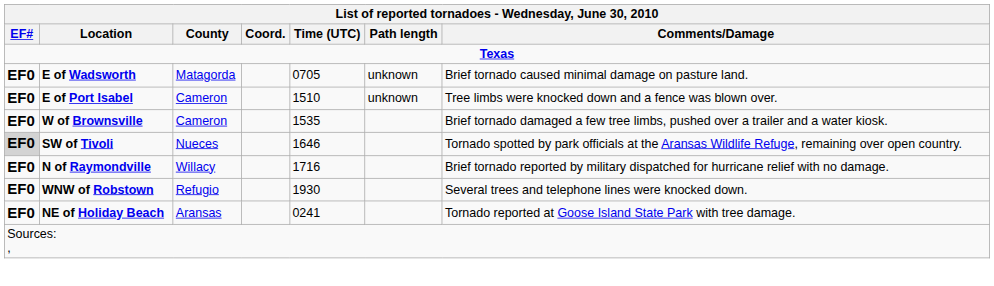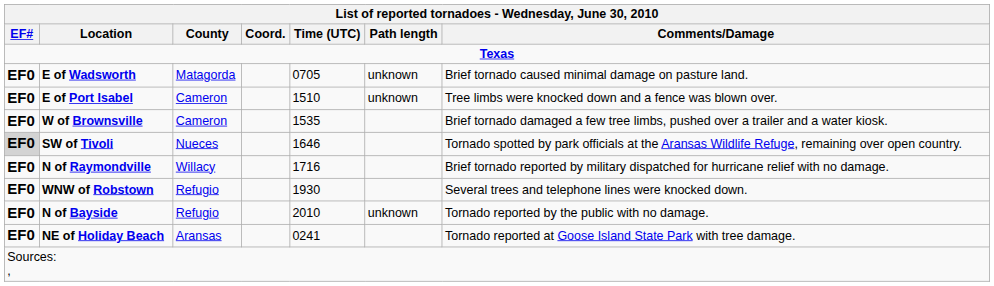 <table class="wikitable collapsible" width="100%">
 <tr>
 <th colspan="7">List of reported tornadoes - Wednesday, June 30, 2010</th>
 </tr>
 <tr>
 <th><a href='#'>EF#</a></th>
 <th>Location</th>
 <th>County</th>
 <th>Coord.</th>
 <th>Time (UTC)</th>
 <th>Path length</th>
 <th>Comments/Damage</th>
 </tr>
 <tr>
 <td colspan="7" align=center><strong><a href='#'>Texas</a></strong></td>
 </tr>
 <tr>
 <td><big><strong>EF0</strong></big></td>
 <td><strong>E of <a href='#'>Wadsworth</a></strong></td>
 <td><a href='#'>Matagorda</a></td>
 <td></td>
 <td>0705</td>
 <td>unknown</td>
 <td>Brief tornado caused minimal damage on pasture land.</td>
 </tr>
 <tr>
 <td><big><strong>EF0</strong></big></td>
 <td><strong>E of <a href='#'>Port Isabel</a></strong></td>
 <td><a href='#'>Cameron</a></td>
 <td></td>
 <td>1510</td>
 <td>unknown</td>
 <td>Tree limbs were knocked down and a fence was blown over.</td>
 </tr>
 <tr>
 <td><big><strong>EF0</strong></big></td>
 <td><strong>W of <a href='#'>Brownsville</a></strong></td>
 <td><a href='#'>Cameron</a></td>
 <td></td>
 <td>1535</td>
 <td></td>
 <td>Brief tornado damaged a few tree limbs, pushed over a trailer and a water kiosk.</td>
 </tr>
 <tr>
 <td style="background: lightgrey;"><big><strong>EF0</strong></big></td>
 <td><strong>SW of <a href='#'>Tivoli</a></strong></td>
 <td><a href='#'>Nueces</a></td>
 <td></td>
 <td>1646</td>
 <td></td>
 <td>Tornado spotted by park officials at the <a href='#'>Aransas Wildlife Refuge</a>, remaining over open country.</td>
 </tr>
 <tr>
 <td><big><strong>EF0</strong></big></td>
 <td><strong>N of <a href='#'>Raymondville</a></strong></td>
 <td><a href='#'>Willacy</a></td>
 <td></td>
 <td>1716</td>
 <td></td>
 <td>Brief tornado reported by military dispatched for hurricane relief with no damage.</td>
 </tr>
 <tr>
 <td><big><strong>EF0</strong></big></td>
 <td><strong>WNW of <a href='#'>Robstown</a></strong></td>
 <td><a href='#'>Refugio</a></td>
 <td></td>
 <td>1930</td>
 <td></td>
 <td>Several trees and telephone lines were knocked down.</td>
 </tr>
 <tr>
 <td><big><strong>EF0</strong></big></td>
+<td><strong>N of <a href='#'>Bayside</a></strong></td>
+<td><a href='#'>Refugio</a></td>
+<td></td>
+<td>2010</td>
+<td>unknown</td>
+<td>Tornado reported by the public with no damage.</td>
+</tr>
+<tr>
+<td><big><strong>EF0</strong></big></td>
 <td><strong>NE of <a href='#'>Holiday Beach</a></strong></td>
 <td><a href='#'>Aransas</a></td>
 <td></td>
 <td>0241</td>
 <td></td>
 <td>Tornado reported at <a href='#'>Goose Island State Park</a> with tree damage.</td>
 </tr>
 <tr>
 <td colspan="7">Sources:<br>, </td>
 </tr>
 </table>
